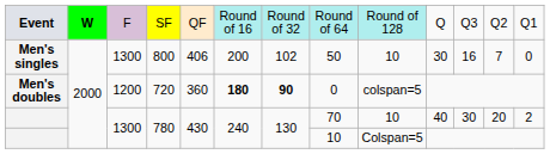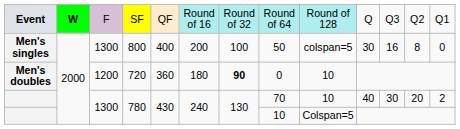 <table class="wikitable" style="font-size:90%;text-align:center">
 <tr>
 <td style="width:130px; background:#dfe2e9;"><strong>Event</strong></td>
 <td style="width:80px; background:lime;"><strong>W</strong></td>
 <td style="width:85px; background:thistle;">F</td>
 <td style="width:85px; background:#ff0;">SF</td>
 <td style="width:85px; background:#ffebcd;">QF</td>
 <td style="width:85px; background:#afeeee;">Round of 16</td>
 <td style="width:85px; background:#afeeee;">Round of 32</td>
 <td style="width:85px; background:#afeeee;">Round of 64</td>
 <td style="width:85px; background:#afeeee;">Round of 128</td>
 <td style="width:85px;">Q</td>
 <td style="width:85px;">Q3</td>
 <td style="width:85px;">Q2</td>
 <td style="width:85px;">Q1</td>
 </tr>
 <tr>
 <th style="background:#f3f3f3;">Men's singles</th>
 <td rowspan="4">2000</td>
 <td>1300</td>
 <td>800</td>
-<td>406</td>
+<td>400</td>
 <td>200</td>
-<td>102</td>
+<td>100</td>
 <td>50</td>
-<td>10</td>
+<td>colspan=5 </td>
 <td>30</td>
 <td>16</td>
-<td>7</td>
+<td>8</td>
 <td>0</td>
 </tr>
 <tr>
 <th style="background:#f3f3f3;">Men's doubles</th>
 <td>1200</td>
 <td>720</td>
 <td>360</td>
-<td><strong>180</strong></td>
+<td>180</td>
 <td><strong>90</strong></td>
 <td>0</td>
-<td>colspan=5 </td>
+<td>10</td>
 </tr>
 <tr>
 <th style="background:#f3f3f3;"></th>
 <td rowspan="2">1300</td>
 <td rowspan="2">780</td>
 <td rowspan="2">430</td>
 <td rowspan="2">240</td>
 <td rowspan="2">130</td>
 <td>70</td>
 <td>10</td>
 <td>40</td>
 <td>30</td>
 <td>20</td>
 <td>2</td>
 </tr>
 <tr>
 <th style="background:#f3f3f3;"></th>
 <td>10</td>
 <td>Colspan=5 </td>
 </tr>
 </table>
